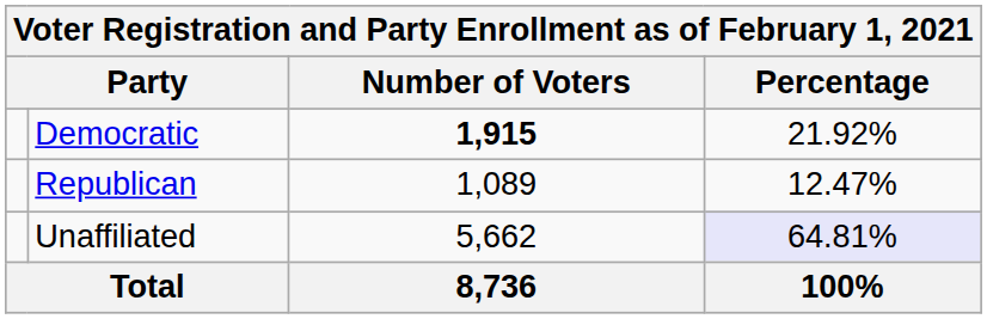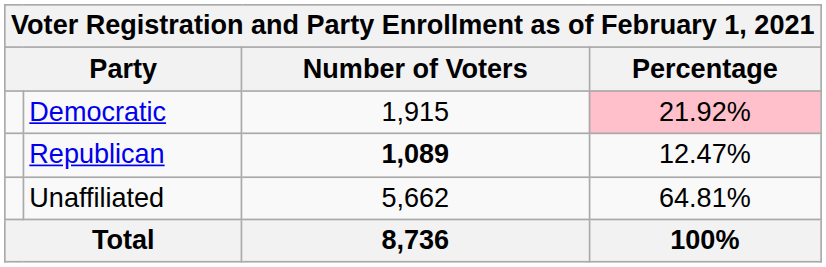 <table class=wikitable>
 <tr>
 <th colspan = 6>Voter Registration and Party Enrollment as of February 1, 2021</th>
 </tr>
 <tr>
 <th colspan = 2>Party</th>
 <th>Number of Voters</th>
 <th>Percentage</th>
 </tr>
 <tr>
 <td></td>
 <td><a href='#'>Democratic</a></td>
-<td style="text-align:center;"><strong>1,915</strong></td>
-<td style="text-align:center;">21.92%</td>
+<td style="text-align:center;">1,915</td>
+<td style="background: pink; text-align:center;">21.92%</td>
 </tr>
 <tr>
 <td></td>
 <td><a href='#'>Republican</a></td>
-<td style="text-align:center;">1,089</td>
+<td style="text-align:center;"><strong>1,089</strong></td>
 <td style="text-align:center;">12.47%</td>
 </tr>
 <tr>
 <td></td>
 <td>Unaffiliated</td>
 <td style="text-align:center;">5,662</td>
-<td style="background: lavender; text-align:center;">64.81%</td>
+<td style="text-align:center;">64.81%</td>
 </tr>
 <tr>
 <th colspan="2">Total</th>
 <th style="text-align:center;">8,736</th>
 <th style="text-align:center;">100%</th>
 </tr>
 </table>
